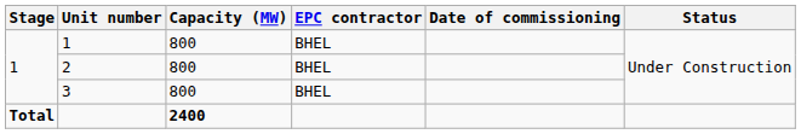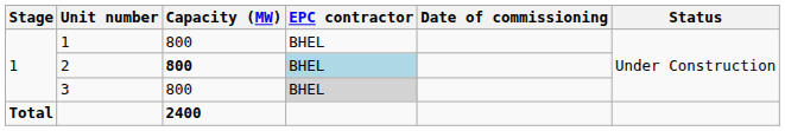 <table class="sortable wikitable">
 <tr>
 <th>Stage</th>
 <th>Unit number</th>
 <th>Capacity (<a href='#'>MW</a>)</th>
 <th><a href='#'>EPC</a> contractor</th>
 <th>Date of commissioning</th>
 <th>Status</th>
 </tr>
 <tr>
 <td rowspan="3">1</td>
 <td>1</td>
 <td>800</td>
 <td>BHEL</td>
 <td></td>
 <td rowspan="3">Under Construction</td>
 </tr>
 <tr>
 <td>2</td>
-<td>800</td>
-<td>BHEL</td>
+<td><strong>800</strong></td>
+<td style="background: lightblue;">BHEL</td>
 <td></td>
 </tr>
 <tr>
 <td>3</td>
 <td>800</td>
-<td>BHEL</td>
+<td style="background: lightgrey;">BHEL</td>
 <td></td>
 </tr>
 <tr>
 <td><strong>Total</strong></td>
 <td></td>
 <td><strong>2400</strong></td>
 <td></td>
 <td></td>
 <td></td>
 </tr>
 </table>
